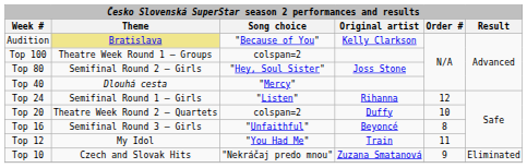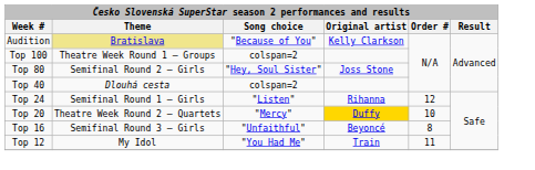 <table class="wikitable" style="text-align:center;">
 <tr>
 <th colspan="6" style="background:#BFBFBF;"><em>Česko Slovenská SuperStar</em> season 2 performances and results</th>
 </tr>
 <tr>
 <th>Week #</th>
 <th>Theme</th>
 <th>Song choice</th>
 <th>Original artist</th>
 <th>Order #</th>
 <th>Result</th>
 </tr>
 <tr>
 <td>Audition</td>
 <td style="background: khaki;"><a href='#'>Bratislava</a></td>
 <td>"<a href='#'>Because of You</a>"</td>
 <td><a href='#'>Kelly Clarkson</a></td>
 <td rowspan="4">N/A</td>
 <td rowspan="4">Advanced</td>
 </tr>
 <tr>
 <td>Top 100</td>
 <td>Theatre Week Round 1 – Groups</td>
 <td>colspan=2 </td>
 </tr>
 <tr>
 <td>Top 80</td>
 <td>Semifinal Round 2 – Girls</td>
 <td>"<a href='#'>Hey, Soul Sister</a>"</td>
 <td><a href='#'>Joss Stone</a></td>
 </tr>
 <tr>
 <td>Top 40</td>
 <td><em>Dlouhá cesta</em></td>
-<td>"<a href='#'>Mercy</a>"</td>
+<td>colspan=2 </td>
 </tr>
 <tr>
 <td>Top 24</td>
 <td>Semifinal Round 1 – Girls</td>
 <td>"<a href='#'>Listen</a>"</td>
 <td><a href='#'>Rihanna</a></td>
 <td>12</td>
 <td rowspan="4">Safe</td>
 </tr>
 <tr>
 <td>Top 20</td>
 <td>Theatre Week Round 2 – Quartets</td>
-<td>colspan=2 </td>
-<td><a href='#'>Duffy</a></td>
+<td>"<a href='#'>Mercy</a>"</td>
+<td style="background: gold;"><a href='#'>Duffy</a></td>
 <td>10</td>
 </tr>
 <tr>
 <td>Top 16</td>
 <td>Semifinal Round 3 – Girls</td>
 <td>"<a href='#'>Unfaithful</a>"</td>
 <td><a href='#'>Beyoncé</a></td>
 <td>8</td>
 </tr>
 <tr>
 <td>Top 12</td>
 <td>My Idol</td>
 <td>"<a href='#'>You Had Me</a>"</td>
 <td><a href='#'>Train</a></td>
 <td>11</td>
 </tr>
 <tr>
-<td>Top 10</td>
-<td>Czech and Slovak Hits</td>
-<td>"Nekráčaj predo mnou"</td>
-<td><a href='#'>Zuzana Smatanová</a></td>
-<td>9</td>
-<td>Eliminated</td>
-</tr>
-<tr>
 </tr>
 </table>
